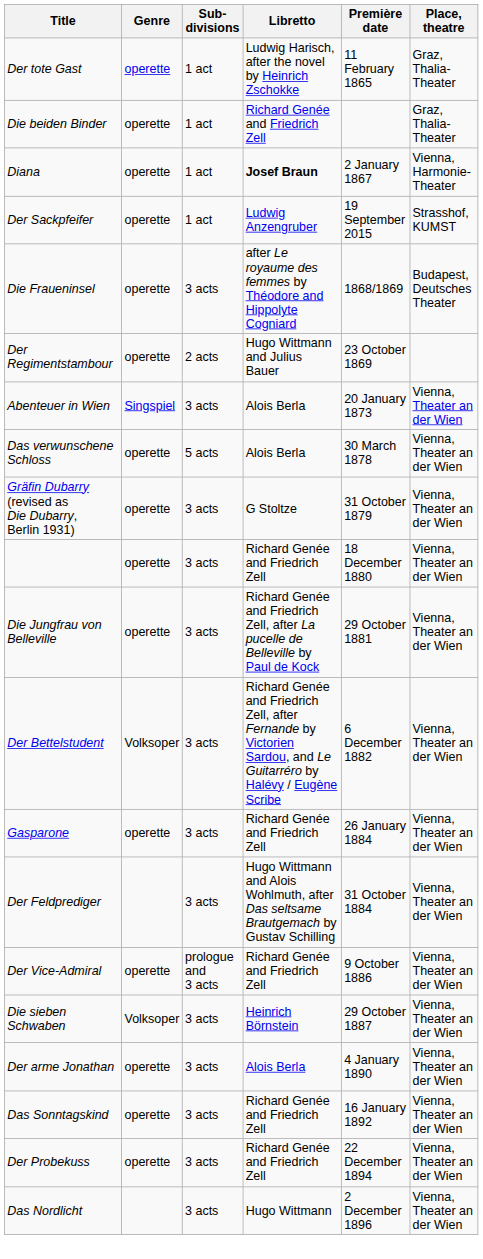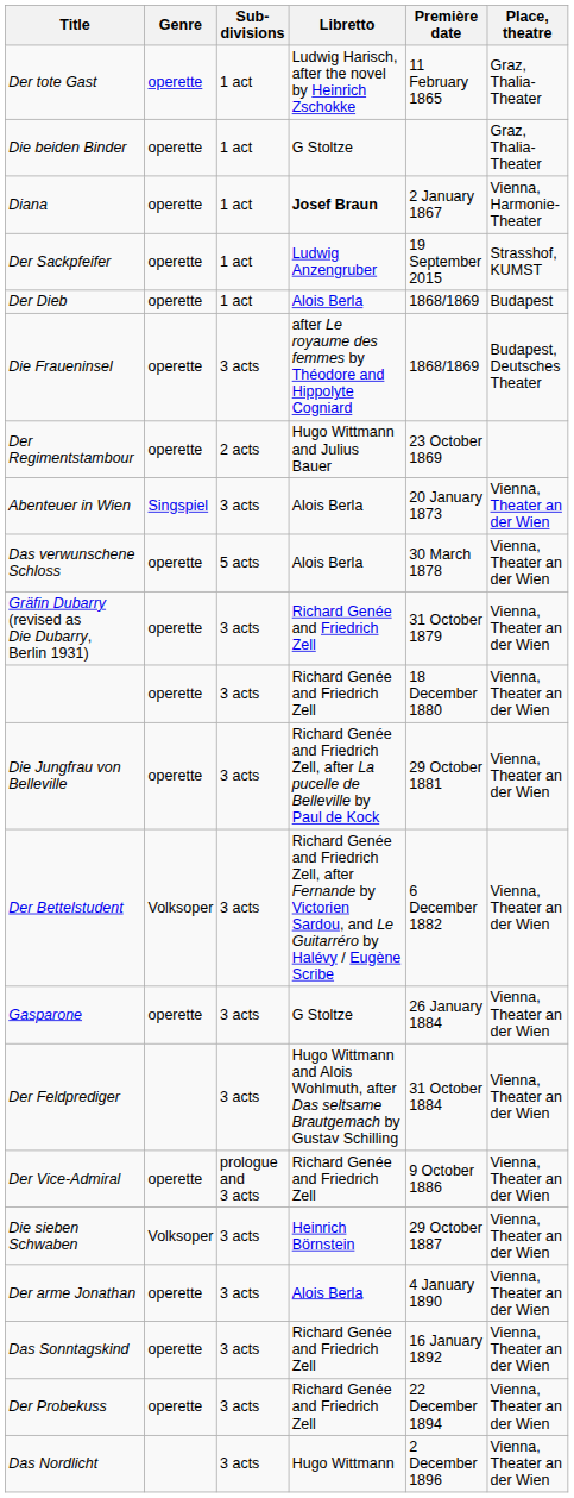 <table class="wikitable sortable">
 <tr>
 <th>Title</th>
 <th>Genre</th>
 <th>Sub­divisions</th>
 <th>Libretto</th>
 <th>Première date</th>
 <th>Place, theatre</th>
 </tr>
 <tr>
 <td><em>Der tote Gast</em></td>
 <td><a href='#'>operette</a></td>
 <td>1 act</td>
 <td>Ludwig Harisch, after the novel by <a href='#'>Heinrich Zschokke</a></td>
 <td>11 February 1865</td>
 <td>Graz, Thalia-Theater</td>
 </tr>
 <tr>
 <td><em>Die beiden Binder</em></td>
 <td>operette</td>
 <td>1 act</td>
-<td><a href='#'>Richard Genée</a> and <a href='#'>Friedrich Zell</a></td>
+<td>G Stoltze</td>
 <td></td>
 <td>Graz, Thalia-Theater</td>
 </tr>
 <tr>
 <td><em>Diana</em></td>
 <td>operette</td>
 <td>1 act</td>
 <td><strong>Josef Braun</strong></td>
 <td>2 January 1867</td>
 <td>Vienna, Harmonie-Theater</td>
 </tr>
 <tr>
 <td><em>Der Sackpfeifer</em></td>
 <td>operette</td>
 <td>1 act</td>
 <td><a href='#'>Ludwig Anzengruber</a></td>
 <td>19 September 2015</td>
 <td>Strasshof, KUMST</td>
+</tr>
+<tr>
+<td><em>Der Dieb</em></td>
+<td>operette</td>
+<td>1 act</td>
+<td><a href='#'>Alois Berla</a></td>
+<td>1868/1869</td>
+<td>Budapest</td>
 </tr>
 <tr>
 <td><em>Die Fraueninsel</em></td>
 <td>operette</td>
 <td>3 acts</td>
 <td>after <em>Le royaume des femmes</em> by <a href='#'>Théodore and Hippolyte Cogniard</a></td>
 <td>1868/1869</td>
 <td>Budapest, Deutsches Theater</td>
 </tr>
 <tr>
 <td><em>Der Regimentstambour</em></td>
 <td>operette</td>
 <td>2 acts</td>
 <td>Hugo Wittmann and Julius Bauer</td>
 <td>23 October 1869</td>
 <td></td>
 </tr>
 <tr>
 <td><em>Abenteuer in Wien</em></td>
 <td><a href='#'>Singspiel</a></td>
 <td>3 acts</td>
 <td>Alois Berla</td>
 <td>20 January 1873</td>
 <td>Vienna, <a href='#'>Theater an der Wien</a></td>
 </tr>
 <tr>
 <td><em>Das verwunschene Schloss</em></td>
 <td>operette</td>
 <td>5 acts</td>
 <td>Alois Berla</td>
 <td>30 March 1878</td>
 <td>Vienna, Theater an der Wien</td>
 </tr>
 <tr>
 <td><em><a href='#'>Gräfin Dubarry</a></em> (revised as <em>Die Dubarry</em>, Berlin 1931)</td>
 <td>operette</td>
 <td>3 acts</td>
-<td>G Stoltze</td>
+<td><a href='#'>Richard Genée</a> and <a href='#'>Friedrich Zell</a></td>
 <td>31 October 1879</td>
 <td>Vienna, Theater an der Wien</td>
 </tr>
 <tr>
 <td><em></em></td>
 <td>operette</td>
 <td>3 acts</td>
 <td>Richard Genée and Friedrich Zell</td>
 <td>18 December 1880</td>
 <td>Vienna, Theater an der Wien</td>
 </tr>
 <tr>
 <td><em>Die Jungfrau von Belleville</em></td>
 <td>operette</td>
 <td>3 acts</td>
 <td>Richard Genée and Friedrich Zell, after <em>La pucelle de Belleville</em> by <a href='#'>Paul de Kock</a></td>
 <td>29 October 1881</td>
 <td>Vienna, Theater an der Wien</td>
 </tr>
 <tr>
 <td><em><a href='#'>Der Bettelstudent</a></em></td>
 <td>Volksoper</td>
 <td>3 acts</td>
 <td>Richard Genée and Friedrich Zell, after <em>Fernande</em> by <a href='#'>Victorien Sardou</a>, and <em>Le Guitarréro</em> by <a href='#'>Halévy</a> / <a href='#'>Eugène Scribe</a></td>
 <td>6 December 1882</td>
 <td>Vienna, Theater an der Wien</td>
 </tr>
 <tr>
 <td><em><a href='#'>Gasparone</a></em></td>
 <td>operette</td>
 <td>3 acts</td>
-<td>Richard Genée and Friedrich Zell</td>
+<td>G Stoltze</td>
 <td>26 January 1884</td>
 <td>Vienna, Theater an der Wien</td>
 </tr>
 <tr>
 <td><em>Der Feldprediger</em></td>
 <td> </td>
 <td>3 acts</td>
 <td>Hugo Wittmann and Alois Wohlmuth, after <em>Das seltsame Brautgemach</em> by Gustav Schilling</td>
 <td>31 October 1884</td>
 <td>Vienna, Theater an der Wien</td>
 </tr>
 <tr>
 <td><em>Der Vice-Admiral</em></td>
 <td>operette</td>
 <td>prologue and<br>3 acts</td>
 <td>Richard Genée and Friedrich Zell</td>
 <td>9 October 1886</td>
 <td>Vienna, Theater an der Wien</td>
 </tr>
 <tr>
 <td><em>Die sieben Schwaben</em></td>
 <td>Volksoper</td>
 <td>3 acts</td>
 <td><a href='#'>Heinrich Börnstein</a></td>
 <td>29 October 1887</td>
 <td>Vienna, Theater an der Wien</td>
 </tr>
 <tr>
 <td><em>Der arme Jonathan</em></td>
 <td>operette</td>
 <td>3 acts</td>
 <td><a href='#'>Alois Berla</a></td>
 <td>4 January 1890</td>
 <td>Vienna, Theater an der Wien</td>
 </tr>
 <tr>
 <td><em>Das Sonntagskind</em></td>
 <td>operette</td>
 <td>3 acts</td>
 <td>Richard Genée and Friedrich Zell</td>
 <td>16 January 1892</td>
 <td>Vienna, Theater an der Wien</td>
 </tr>
 <tr>
 <td><em>Der Probekuss</em></td>
 <td>operette</td>
 <td>3 acts</td>
 <td>Richard Genée and Friedrich Zell</td>
 <td>22 December 1894</td>
 <td>Vienna, Theater an der Wien</td>
 </tr>
 <tr>
 <td><em>Das Nordlicht</em></td>
 <td> </td>
 <td>3 acts</td>
 <td>Hugo Wittmann</td>
 <td>2 December 1896</td>
 <td>Vienna, Theater an der Wien</td>
 </tr>
 </table>
